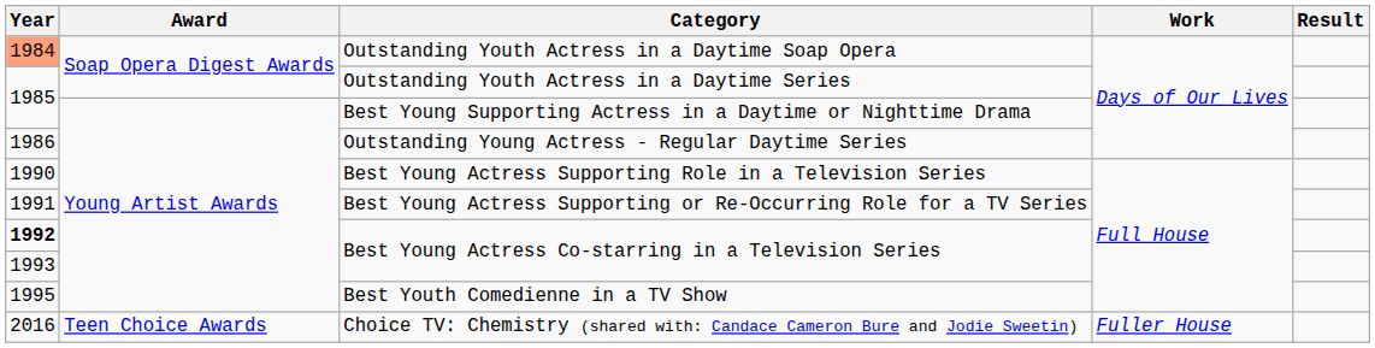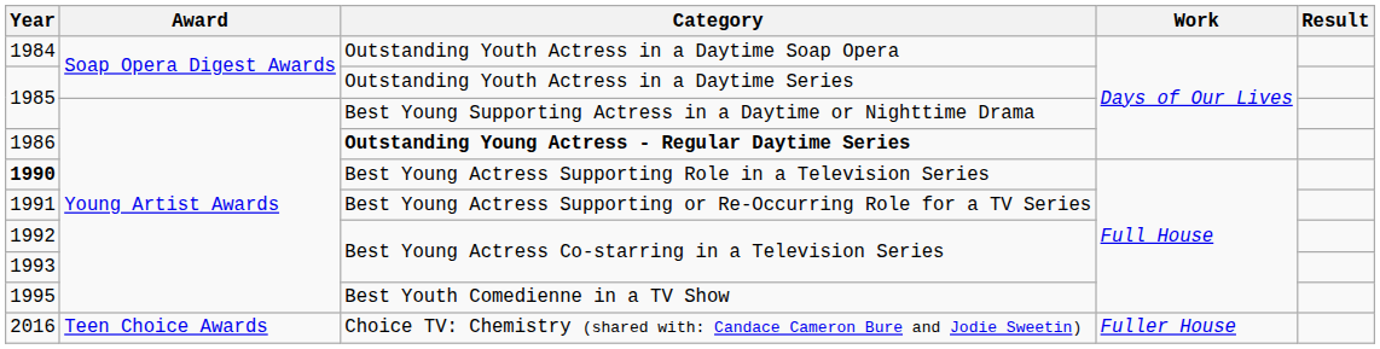 <table class="wikitable">
 <tr>
 <th>Year</th>
 <th>Award</th>
 <th>Category</th>
 <th>Work</th>
 <th>Result</th>
 </tr>
 <tr>
-<td style="background: lightsalmon;">1984</td>
+<td>1984</td>
 <td rowspan=2><a href='#'>Soap Opera Digest Awards</a></td>
 <td>Outstanding Youth Actress in a Daytime Soap Opera</td>
 <td rowspan=4><em><a href='#'>Days of Our Lives</a></em></td>
 <td></td>
 </tr>
 <tr>
 <td rowspan=2>1985</td>
 <td>Outstanding Youth Actress in a Daytime Series</td>
 <td></td>
 </tr>
 <tr>
 <td rowspan=7><a href='#'>Young Artist Awards</a></td>
 <td>Best Young Supporting Actress in a Daytime or Nighttime Drama</td>
 <td></td>
 </tr>
 <tr>
 <td>1986</td>
-<td>Outstanding Young Actress - Regular Daytime Series</td>
+<td><strong>Outstanding Young Actress - Regular Daytime Series</strong></td>
 <td></td>
 </tr>
 <tr>
-<td>1990</td>
+<td><strong>1990</strong></td>
 <td>Best Young Actress Supporting Role in a Television Series</td>
 <td rowspan=5><em><a href='#'>Full House</a></em></td>
 <td></td>
 </tr>
 <tr>
 <td>1991</td>
 <td>Best Young Actress Supporting or Re-Occurring Role for a TV Series</td>
 <td></td>
 </tr>
 <tr>
-<td><strong>1992</strong></td>
+<td>1992</td>
 <td rowspan=2>Best Young Actress Co-starring in a Television Series</td>
 <td></td>
 </tr>
 <tr>
 <td>1993</td>
 <td></td>
 </tr>
 <tr>
 <td>1995</td>
 <td>Best Youth Comedienne in a TV Show</td>
 <td></td>
 </tr>
 <tr>
 <td>2016</td>
 <td><a href='#'>Teen Choice Awards</a></td>
 <td>Choice TV: Chemistry <small>(shared with: <a href='#'>Candace Cameron Bure</a> and <a href='#'>Jodie Sweetin</a>)</small></td>
 <td><em><a href='#'>Fuller House</a></em></td>
 <td></td>
 </tr>
 </table>
